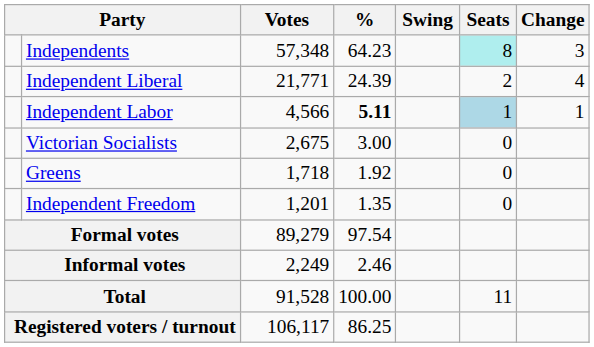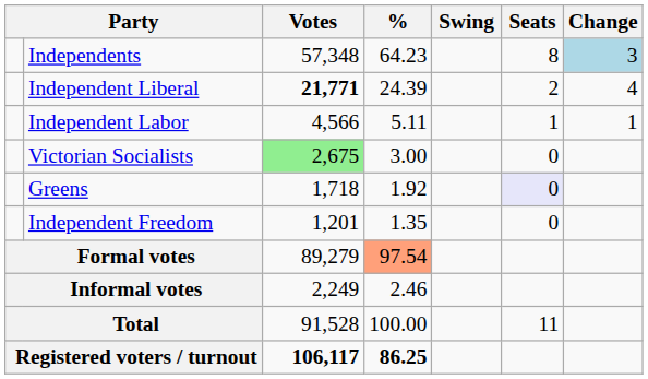 <table class="wikitable" style="text-align:right; margin-bottom:0">
 <tr>
 <th colspan="3" style="width:10px">Party</th>
 <th style="width:70px;">Votes</th>
 <th style="width:40px;">%</th>
 <th style="width:40px;">Swing</th>
 <th style="width:40px;">Seats</th>
 <th style="width:40px;">Change</th>
 </tr>
 <tr>
 <td> </td>
 <td colspan="2" style="text-align:left;"><a href='#'>Independents</a></td>
 <td style="width:70px;">57,348</td>
 <td style="width:40px;">64.23</td>
 <td style="width:45px;"></td>
-<td style="background: paleturquoise; width:40px;">8</td>
-<td style="width:40px;"> 3</td>
+<td style="width:40px;">8</td>
+<td style="background: lightblue; width:40px;"> 3</td>
 </tr>
 <tr>
 <td> </td>
 <td colspan="2" style="text-align:left;"><a href='#'>Independent Liberal</a></td>
-<td>21,771</td>
+<td><strong>21,771</strong></td>
 <td>24.39</td>
 <td></td>
 <td>2</td>
 <td> 4</td>
 </tr>
 <tr>
 <td> </td>
 <td colspan="2" style="text-align:left;"><a href='#'>Independent Labor</a></td>
 <td>4,566</td>
-<td><strong>5.11</strong></td>
+<td>5.11</td>
 <td></td>
-<td style="background: lightblue;">1</td>
+<td>1</td>
 <td> 1</td>
 </tr>
 <tr>
 <td> </td>
 <td colspan="2" style="text-align:left;"><a href='#'>Victorian Socialists</a></td>
-<td>2,675</td>
+<td style="background: lightgreen;">2,675</td>
 <td>3.00</td>
 <td></td>
 <td>0</td>
 <td></td>
 </tr>
 <tr>
 <td> </td>
 <td colspan="2" style="text-align:left;"><a href='#'>Greens</a></td>
 <td>1,718</td>
 <td>1.92</td>
 <td></td>
-<td>0</td>
+<td style="background: lavender;">0</td>
 <td></td>
 </tr>
 <tr>
 <td> </td>
 <td colspan="2" style="text-align:left;"><a href='#'>Independent Freedom</a></td>
 <td>1,201</td>
 <td>1.35</td>
 <td></td>
 <td>0</td>
 <td></td>
 </tr>
 <tr>
 <th colspan="3" rowspan="1"> Formal votes</th>
 <td>89,279</td>
-<td>97.54</td>
+<td style="background: lightsalmon;">97.54</td>
 <td></td>
 <td></td>
 <td></td>
 </tr>
 <tr>
 <th colspan="3" rowspan="1"> Informal votes</th>
 <td>2,249</td>
 <td>2.46</td>
 <td></td>
 <td></td>
 <td></td>
 </tr>
 <tr>
 <th colspan="3" rowspan="1"> Total</th>
 <td>91,528</td>
 <td>100.00</td>
 <td></td>
 <td>11</td>
 <td></td>
 </tr>
 <tr>
 <th colspan="3" rowspan="1"> Registered voters / turnout</th>
-<td>106,117</td>
-<td>86.25</td>
+<td><strong>106,117</strong></td>
+<td><strong>86.25</strong></td>
 <td></td>
 <td></td>
 <td></td>
 </tr>
 </table>
